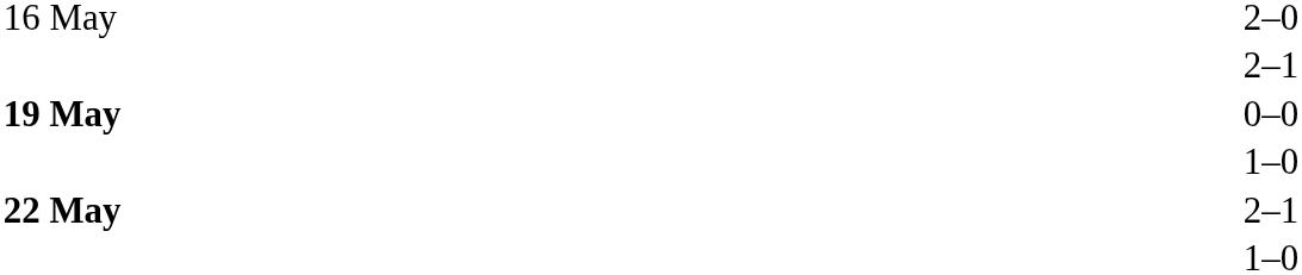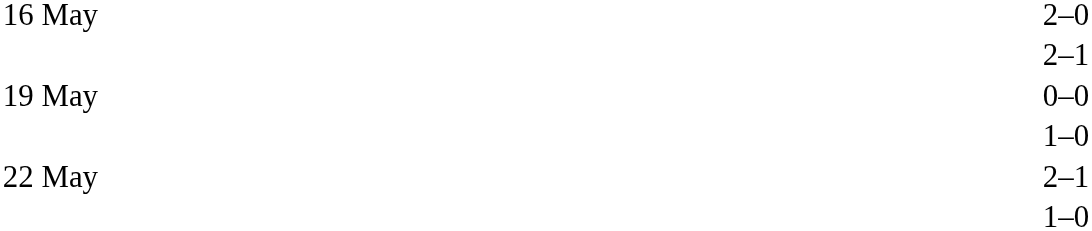 <table cellspacing=1 width=70%>
 <tr>
 <th width=25%></th>
 <th width=30%></th>
 <th width=15%></th>
 <th width=30%></th>
 </tr>
 <tr>
 <td>16 May</td>
 <td align=right></td>
 <td align=center>2–0</td>
 <td></td>
 </tr>
 <tr>
 <td></td>
 <td align=right></td>
 <td align=center>2–1</td>
 <td></td>
 </tr>
 <tr>
-<td><strong>19 May</strong></td>
+<td>19 May</td>
 <td align=right></td>
 <td align=center>0–0</td>
 <td></td>
 </tr>
 <tr>
 <td></td>
 <td align=right></td>
 <td align=center>1–0</td>
 <td></td>
 </tr>
 <tr>
-<td><strong>22 May</strong></td>
+<td>22 May</td>
 <td align=right></td>
 <td align=center>2–1</td>
 <td></td>
 </tr>
 <tr>
 <td></td>
 <td align=right></td>
 <td align=center>1–0</td>
 <td></td>
 </tr>
 </table>
